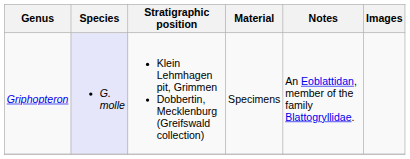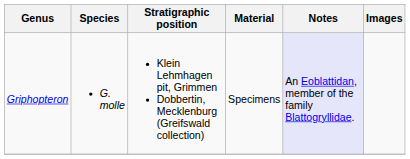 <table class = "wikitable">
 <tr>
 <th>Genus</th>
 <th>Species</th>
 <th>Stratigraphic position</th>
 <th>Material</th>
 <th>Notes</th>
 <th>Images</th>
 </tr>
 <tr>
 <td><br><em><a href='#'>Griphopteron</a></em></td>
-<td style="background: lavender;"><br><ul><li><em>G. molle</em></li></ul></td>
+<td><br><ul><li><em>G. molle</em></li></ul></td>
 <td><br><ul><li>Klein Lehmhagen pit, Grimmen</li><li>Dobbertin, Mecklenburg (Greifswald collection)</li></ul></td>
 <td><br>Specimens</td>
-<td><br>An <a href='#'>Eoblattidan</a>, member of the family <a href='#'>Blattogryllidae</a>.</td>
+<td style="background: lavender;"><br>An <a href='#'>Eoblattidan</a>, member of the family <a href='#'>Blattogryllidae</a>.</td>
 <td></td>
 </tr>
 <tr>
 </tr>
 </table>
